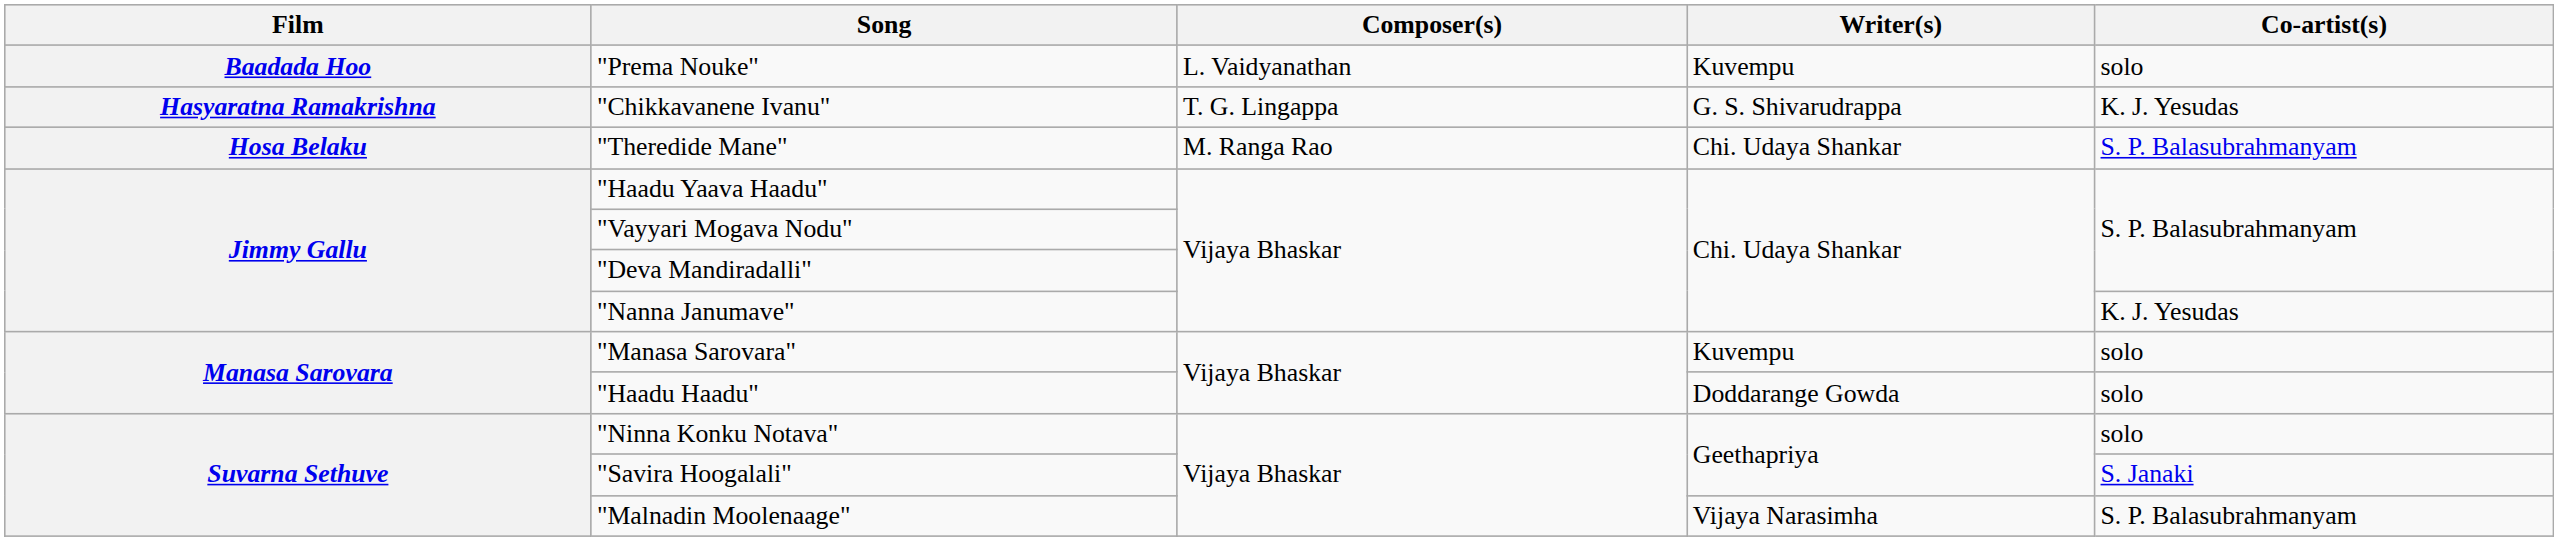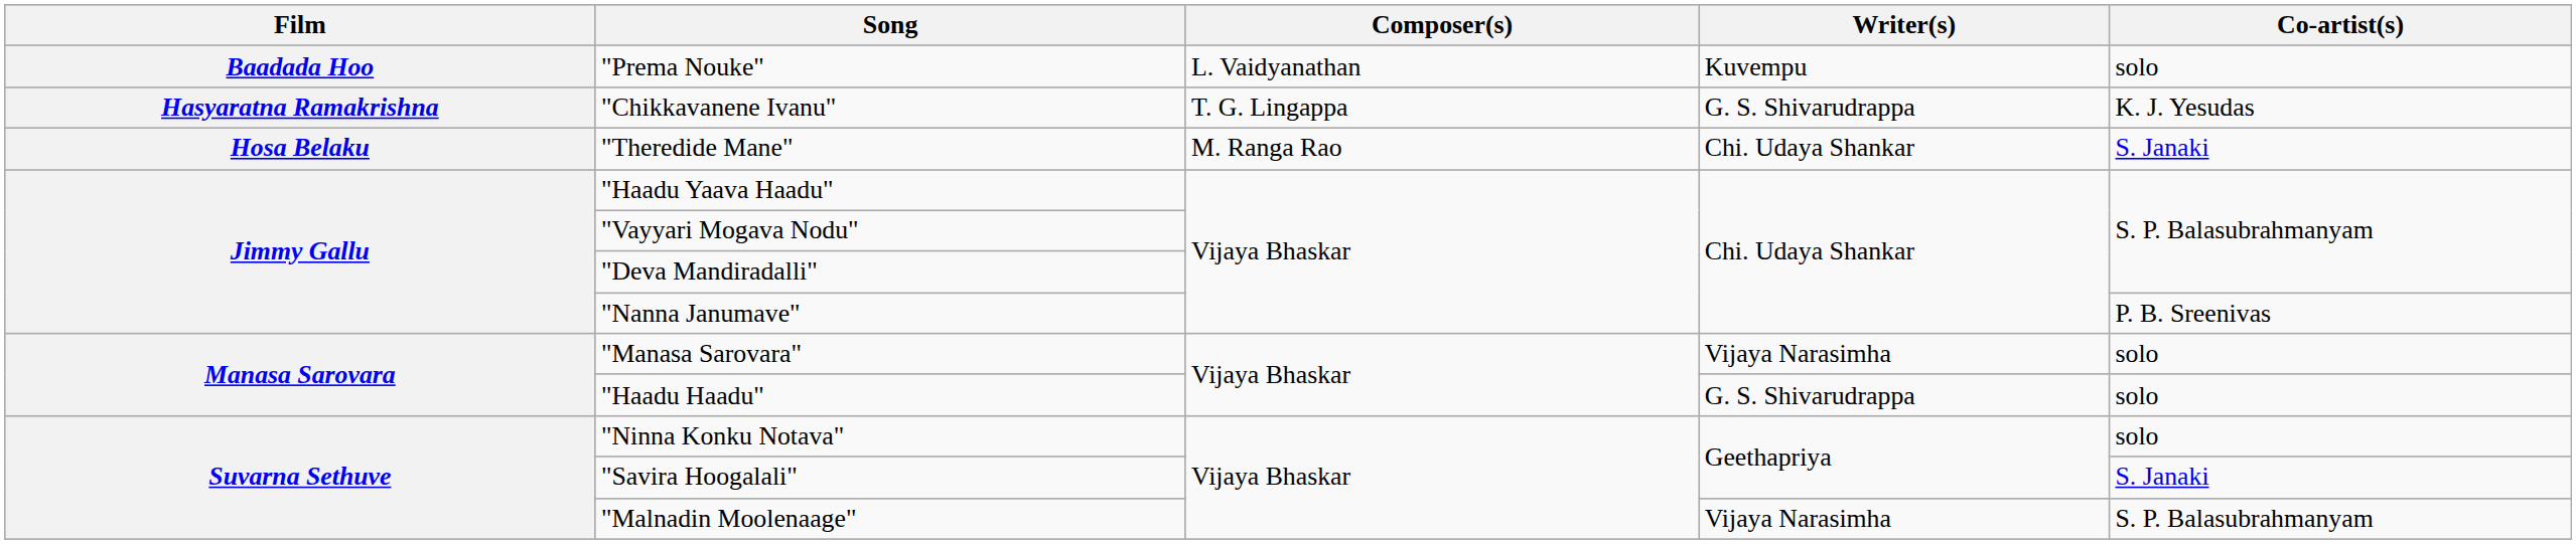 <table class="wikitable plainrowheaders" width="100%" textcolor:#000;">
 <tr style="background:#b0e0e66;">
 <th scope="col" width=23%><strong>Film</strong></th>
 <th scope="col" width=23%><strong>Song</strong></th>
 <th scope="col" width=20%><strong>Composer(s)</strong></th>
 <th scope="col" width=16%><strong>Writer(s)</strong></th>
 <th scope="col" width=18%><strong>Co-artist(s)</strong></th>
 </tr>
 <tr>
 <th><em><a href='#'>Baadada Hoo</a></em></th>
 <td>"Prema Nouke"</td>
 <td>L. Vaidyanathan</td>
 <td>Kuvempu</td>
 <td>solo</td>
 </tr>
 <tr>
 <th><em><a href='#'>Hasyaratna Ramakrishna</a></em></th>
 <td>"Chikkavanene Ivanu"</td>
 <td>T. G. Lingappa</td>
 <td>G. S. Shivarudrappa</td>
 <td>K. J. Yesudas</td>
 </tr>
 <tr>
 <th Rowspan=><em><a href='#'>Hosa Belaku</a></em></th>
 <td>"Theredide Mane"</td>
 <td rowspan=>M. Ranga Rao</td>
 <td>Chi. Udaya Shankar</td>
-<td><a href='#'>S. P. Balasubrahmanyam</a></td>
+<td><a href='#'>S. Janaki</a></td>
 </tr>
 <tr>
 <th Rowspan=4><em><a href='#'>Jimmy Gallu</a></em></th>
 <td>"Haadu Yaava Haadu"</td>
 <td rowspan=4>Vijaya Bhaskar</td>
 <td rowspan=4>Chi. Udaya Shankar</td>
 <td rowspan=3>S. P. Balasubrahmanyam</td>
 </tr>
 <tr>
 <td>"Vayyari Mogava Nodu"</td>
 </tr>
 <tr>
 <td>"Deva Mandiradalli"</td>
 </tr>
 <tr>
 <td>"Nanna Janumave"</td>
-<td>K. J. Yesudas</td>
+<td>P. B. Sreenivas</td>
 </tr>
 <tr>
 <th Rowspan=2><em><a href='#'>Manasa Sarovara</a></em></th>
 <td>"Manasa Sarovara"</td>
 <td rowspan=2>Vijaya Bhaskar</td>
-<td>Kuvempu</td>
+<td rowspan=1>Vijaya Narasimha</td>
 <td>solo</td>
 </tr>
 <tr>
 <td>"Haadu Haadu"</td>
-<td>Doddarange Gowda</td>
+<td>G. S. Shivarudrappa</td>
 <td>solo</td>
 </tr>
 <tr>
 <th Rowspan=3><em><a href='#'>Suvarna Sethuve</a></em></th>
 <td>"Ninna Konku Notava"</td>
 <td rowspan=3>Vijaya Bhaskar</td>
 <td rowspan=2>Geethapriya</td>
 <td>solo</td>
 </tr>
 <tr>
 <td>"Savira Hoogalali"</td>
 <td><a href='#'>S. Janaki</a></td>
 </tr>
 <tr>
 <td>"Malnadin Moolenaage"</td>
 <td rowspan=1>Vijaya Narasimha</td>
 <td>S. P. Balasubrahmanyam</td>
 </tr>
 </table>
